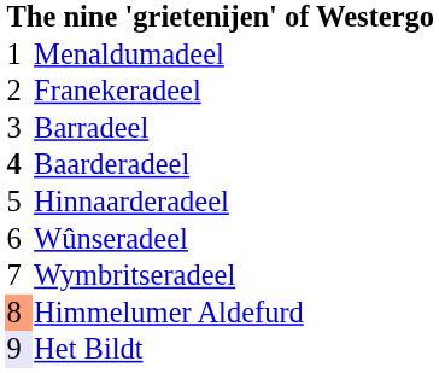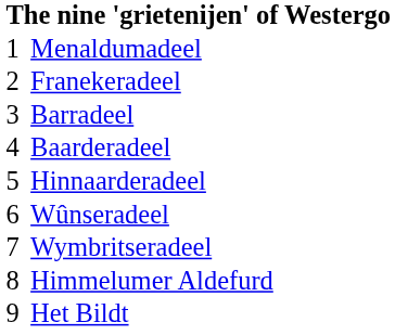 <table cellspacing="0">
 <tr>
 <th colspan=2>The nine 'grietenijen' of Westergo</th>
 </tr>
 <tr>
 <td>1</td>
 <td><a href='#'>Menaldumadeel</a></td>
 </tr>
 <tr>
 <td>2</td>
 <td><a href='#'>Franekeradeel</a></td>
 </tr>
 <tr>
 <td>3</td>
 <td><a href='#'>Barradeel</a></td>
 </tr>
 <tr>
-<td><strong>4</strong></td>
+<td>4</td>
 <td><a href='#'>Baarderadeel</a></td>
 </tr>
 <tr>
 <td>5</td>
 <td><a href='#'>Hinnaarderadeel</a></td>
 </tr>
 <tr>
 <td>6</td>
 <td><a href='#'>Wûnseradeel</a></td>
 </tr>
 <tr>
 <td>7</td>
 <td><a href='#'>Wymbritseradeel</a></td>
 </tr>
 <tr>
-<td style="background: lightsalmon;">8</td>
+<td>8</td>
 <td><a href='#'>Himmelumer Aldefurd</a></td>
 </tr>
 <tr>
-<td style="background: lavender;">9</td>
+<td>9</td>
 <td><a href='#'>Het Bildt</a></td>
 </tr>
 </table>
